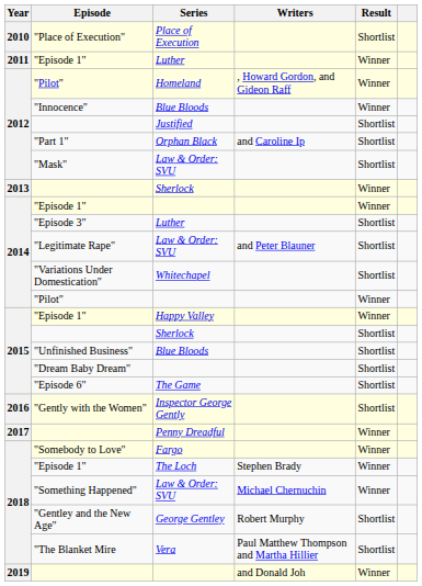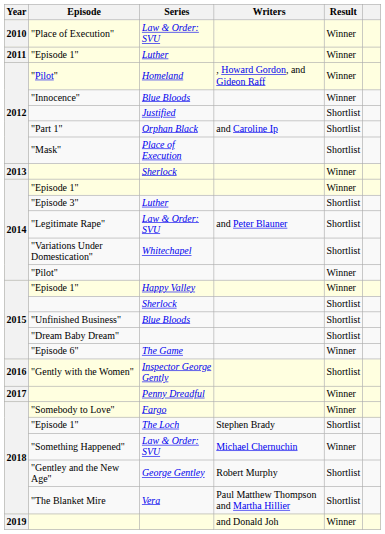 <table class="wikitable sortable" style="wdith:100%">
 <tr>
 <th scope="col" width="5%">Year</th>
 <th scope="col" width="30%">Episode</th>
 <th scope="col" width="20%">Series</th>
 <th scope="col" width="30%">Writers</th>
 <th scope="col" width="10%">Result</th>
 <th scope="col" width="5%"></th>
 </tr>
 <tr style="background:lightyellow;">
 <th><strong>2010</strong></th>
 <td>"Place of Execution"</td>
-<td><em><a href='#'>Place of Execution</a></em></td>
+<td><em><a href='#'>Law & Order: SVU</a></em></td>
 <td></td>
-<td>Shortlist</td>
+<td>Winner</td>
 <td></td>
 </tr>
 <tr style="background:lightyellow;">
 <th><strong>2011</strong></th>
 <td>"Episode 1"</td>
 <td><em><a href='#'>Luther</a></em></td>
 <td></td>
 <td>Winner</td>
 <td></td>
 </tr>
 <tr style="background:lightyellow;">
 <th rowspan="5"><strong>2012</strong></th>
 <td>"<a href='#'>Pilot</a>"</td>
 <td><em><a href='#'>Homeland</a></em></td>
 <td>, <a href='#'>Howard Gordon</a>, and <a href='#'>Gideon Raff</a></td>
 <td>Winner</td>
 <td></td>
 </tr>
 <tr>
 <td>"Innocence"</td>
 <td><em><a href='#'>Blue Bloods</a></em></td>
 <td></td>
 <td>Winner</td>
 <td></td>
 </tr>
 <tr>
 <td></td>
 <td><em><a href='#'>Justified</a></em></td>
 <td></td>
 <td>Shortlist</td>
 <td></td>
 </tr>
 <tr>
 <td>"Part 1"</td>
 <td><em><a href='#'>Orphan Black</a></em></td>
 <td> and <a href='#'>Caroline Ip</a></td>
 <td>Shortlist</td>
 <td></td>
 </tr>
 <tr>
 <td>"Mask"</td>
-<td><em><a href='#'>Law & Order: SVU</a></em></td>
+<td><em><a href='#'>Place of Execution</a></em></td>
 <td></td>
 <td>Shortlist</td>
 <td></td>
 </tr>
 <tr style="background:lightyellow;">
 <th>2013</th>
 <td></td>
 <td><em><a href='#'>Sherlock</a></em></td>
 <td></td>
 <td>Winner</td>
 <td></td>
 </tr>
 <tr style="background:lightyellow;">
 <th rowspan="5">2014</th>
 <td>"Episode 1"</td>
 <td></td>
 <td></td>
 <td>Winner</td>
 <td></td>
 </tr>
 <tr>
 <td>"Episode 3"</td>
 <td><em><a href='#'>Luther</a></em></td>
 <td></td>
 <td>Shortlist</td>
 <td></td>
 </tr>
 <tr>
 <td>"Legitimate Rape"</td>
 <td><em><a href='#'>Law & Order: SVU</a></em></td>
 <td> and <a href='#'>Peter Blauner</a></td>
 <td>Shortlist</td>
 <td></td>
 </tr>
 <tr>
 <td>"Variations Under Domestication"</td>
 <td><em><a href='#'>Whitechapel</a></em></td>
 <td></td>
 <td>Shortlist</td>
 <td></td>
 </tr>
 <tr>
 <td>"Pilot"</td>
 <td></td>
 <td></td>
 <td>Winner</td>
 <td></td>
 </tr>
 <tr style="background:lightyellow;">
 <th rowspan="5">2015</th>
 <td>"Episode 1"</td>
 <td><em><a href='#'>Happy Valley</a></em></td>
 <td></td>
 <td>Winner</td>
 <td></td>
 </tr>
 <tr>
 <td></td>
 <td><em><a href='#'>Sherlock</a></em></td>
 <td></td>
 <td>Shortlist</td>
 <td></td>
 </tr>
 <tr>
 <td>"Unfinished Business"</td>
 <td><em><a href='#'>Blue Bloods</a></em></td>
 <td></td>
 <td>Shortlist</td>
 <td></td>
 </tr>
 <tr>
 <td>"Dream Baby Dream"</td>
 <td></td>
 <td></td>
 <td>Shortlist</td>
 <td></td>
 </tr>
 <tr>
 <td>"Episode 6"</td>
 <td><a href='#'><em>The Game</em></a></td>
 <td></td>
-<td>Shortlist</td>
+<td>Winner</td>
 <td></td>
 </tr>
 <tr style="background:lightyellow;">
 <th>2016</th>
 <td>"Gently with the Women"</td>
 <td><em><a href='#'>Inspector George Gently</a></em></td>
 <td></td>
 <td>Shortlist</td>
 <td></td>
 </tr>
 <tr style="background:lightyellow;">
 <th>2017</th>
 <td></td>
 <td><em><a href='#'>Penny Dreadful</a></em></td>
 <td></td>
 <td>Winner</td>
 <td></td>
 </tr>
 <tr style="background:lightyellow;">
 <th rowspan="5">2018</th>
 <td>"Somebody to Love"</td>
 <td><em><a href='#'>Fargo</a></em></td>
 <td></td>
 <td>Winner</td>
 <td></td>
 </tr>
 <tr>
 <td>"Episode 1"</td>
 <td><em><a href='#'>The Loch</a></em></td>
 <td>Stephen Brady</td>
-<td>Winner</td>
+<td>Shortlist</td>
 <td></td>
 </tr>
 <tr>
 <td>"Something Happened"</td>
 <td><em><a href='#'>Law & Order: SVU</a></em></td>
 <td><a href='#'>Michael Chernuchin</a></td>
 <td>Winner</td>
 <td></td>
 </tr>
 <tr>
 <td>"Gentley and the New Age"</td>
 <td><a href='#'><em>George Gentley</em></a></td>
 <td>Robert Murphy</td>
 <td>Shortlist</td>
 <td></td>
 </tr>
 <tr>
 <td>"The Blanket Mire</td>
 <td><a href='#'><em>Vera</em></a></td>
 <td>Paul Matthew Thompson and <a href='#'>Martha Hillier</a></td>
 <td>Shortlist</td>
 <td></td>
 </tr>
 <tr style="background:lightyellow;">
 <th>2019</th>
 <td></td>
 <td></td>
 <td> and Donald Joh</td>
 <td>Winner</td>
 <td></td>
 </tr>
 </table>
